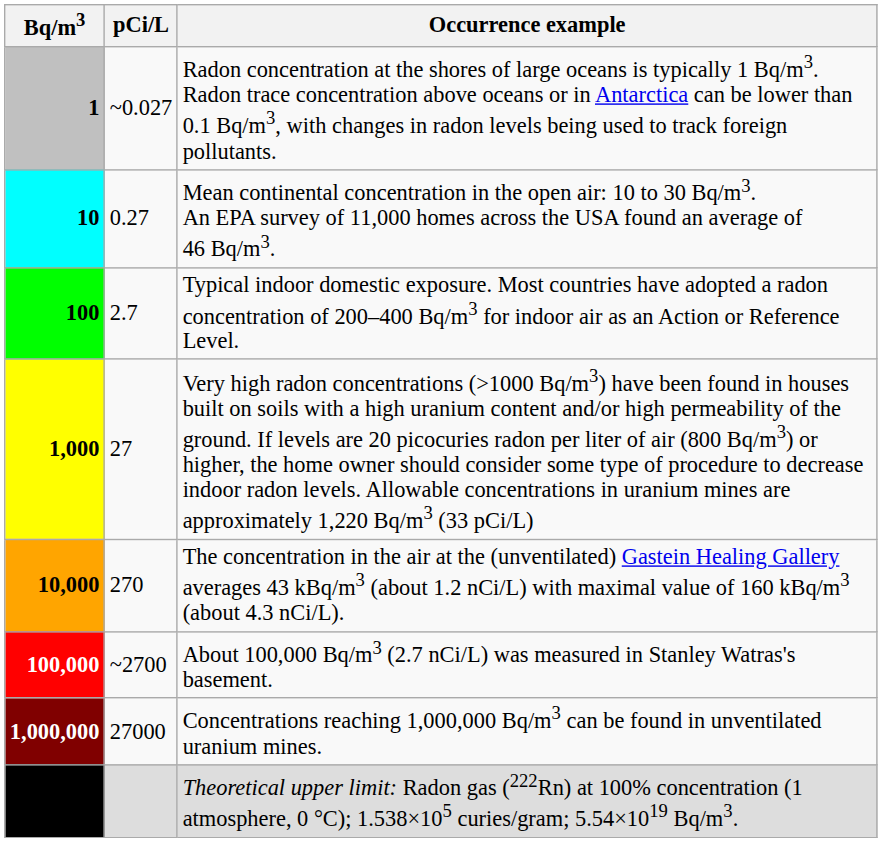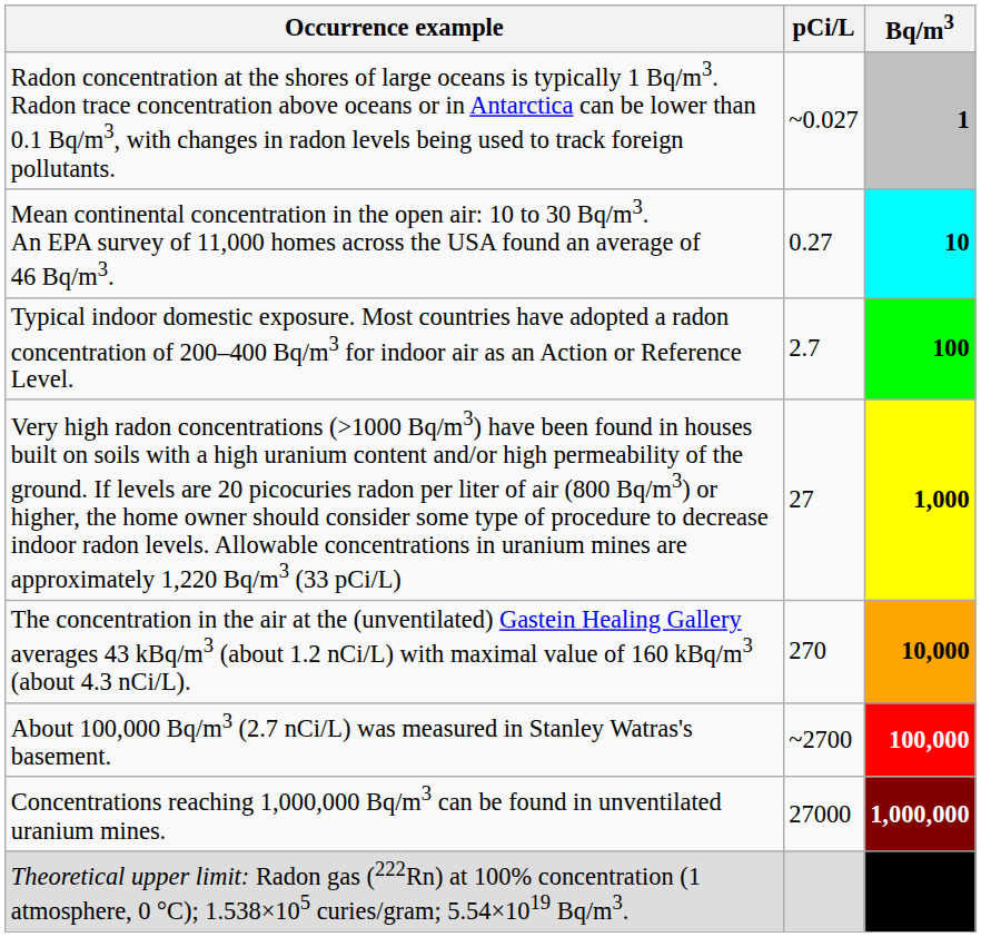 <table class="wikitable" style="margin:auto;">
 <tr>
+<th>Occurrence example</th>
+<th>pCi/L</th>
 <th>Bq/m<sup>3</sup></th>
-<th>pCi/L</th>
-<th>Occurrence example</th>
 </tr>
 <tr>
+<td>Radon concentration at the shores of large oceans is typically 1 Bq/m<sup>3</sup>.<br>Radon trace concentration above oceans or in <a href='#'>Antarctica</a> can be lower than 0.1 Bq/m<sup>3</sup>, with changes in radon levels being used to track foreign pollutants.</td>
+<td>~0.027</td>
 <td style="color: black; background:silver; text-align:right;"><strong>1</strong></td>
-<td>~0.027</td>
-<td>Radon concentration at the shores of large oceans is typically 1 Bq/m<sup>3</sup>.<br>Radon trace concentration above oceans or in <a href='#'>Antarctica</a> can be lower than 0.1 Bq/m<sup>3</sup>, with changes in radon levels being used to track foreign pollutants.</td>
 </tr>
 <tr>
+<td>Mean continental concentration in the open air: 10 to 30 Bq/m<sup>3</sup>.<br>An EPA survey of 11,000 homes across the USA found an average of 46 Bq/m<sup>3</sup>.</td>
+<td>0.27</td>
 <td style="color: black; background:aqua; text-align:right;"><strong>10</strong></td>
-<td>0.27</td>
-<td>Mean continental concentration in the open air: 10 to 30 Bq/m<sup>3</sup>.<br>An EPA survey of 11,000 homes across the USA found an average of 46 Bq/m<sup>3</sup>.</td>
 </tr>
 <tr>
+<td>Typical indoor domestic exposure. Most countries have adopted a radon concentration of 200–400 Bq/m<sup>3</sup> for indoor air as an Action or Reference Level.</td>
+<td>2.7</td>
 <td style="color: black; background:lime; text-align:right;"><strong>100</strong></td>
-<td>2.7</td>
-<td>Typical indoor domestic exposure. Most countries have adopted a radon concentration of 200–400 Bq/m<sup>3</sup> for indoor air as an Action or Reference Level.</td>
 </tr>
 <tr>
+<td>Very high radon concentrations (>1000 Bq/m<sup>3</sup>) have been found in houses built on soils with a high uranium content and/or high permeability of the ground. If levels are 20 picocuries radon per liter of air (800 Bq/m<sup>3</sup>) or higher, the home owner should consider some type of procedure to decrease indoor radon levels. Allowable concentrations in uranium mines are approximately 1,220 Bq/m<sup>3</sup> (33 pCi/L)</td>
+<td>27</td>
 <td style="color: black; background:yellow; text-align:right;"><strong>1,000</strong></td>
-<td>27</td>
-<td>Very high radon concentrations (>1000 Bq/m<sup>3</sup>) have been found in houses built on soils with a high uranium content and/or high permeability of the ground. If levels are 20 picocuries radon per liter of air (800 Bq/m<sup>3</sup>) or higher, the home owner should consider some type of procedure to decrease indoor radon levels. Allowable concentrations in uranium mines are approximately 1,220 Bq/m<sup>3</sup> (33 pCi/L)</td>
 </tr>
 <tr>
+<td>The concentration in the air at the (unventilated) <a href='#'>Gastein Healing Gallery</a> averages 43 kBq/m<sup>3</sup> (about 1.2 nCi/L) with maximal value of 160 kBq/m<sup>3</sup> (about 4.3 nCi/L).</td>
+<td>270</td>
 <td style="color: black; background:orange; text-align:right;"><strong>10,000</strong></td>
-<td>270</td>
-<td>The concentration in the air at the (unventilated) <a href='#'>Gastein Healing Gallery</a> averages 43 kBq/m<sup>3</sup> (about 1.2 nCi/L) with maximal value of 160 kBq/m<sup>3</sup> (about 4.3 nCi/L).</td>
 </tr>
 <tr>
+<td>About 100,000 Bq/m<sup>3</sup> (2.7 nCi/L) was measured in Stanley Watras's basement.</td>
+<td>~2700</td>
 <td style="color: white; background:red; text-align:right;"><strong>100,000</strong></td>
-<td>~2700</td>
-<td>About 100,000 Bq/m<sup>3</sup> (2.7 nCi/L) was measured in Stanley Watras's basement.</td>
 </tr>
 <tr>
+<td>Concentrations reaching 1,000,000 Bq/m<sup>3</sup> can be found in unventilated uranium mines.</td>
+<td>27000</td>
 <td style="background:maroon; color:white; text-align:right;"><strong>1,000,000</strong></td>
-<td>27000</td>
-<td>Concentrations reaching 1,000,000 Bq/m<sup>3</sup> can be found in unventilated uranium mines.</td>
 </tr>
 <tr>
+<td style="background:#ddd;"><em>Theoretical upper limit:</em> Radon gas (<sup>222</sup>Rn) at 100% concentration (1 atmosphere, 0 °C); 1.538×10<sup>5</sup> curies/gram; 5.54×10<sup>19</sup> Bq/m<sup>3</sup>.</td>
+<td style="background:#ddd;"></td>
 <td style="background:black; color:white; text-align:right;"><strong></strong></td>
-<td style="background:#ddd;"></td>
-<td style="background:#ddd;"><em>Theoretical upper limit:</em> Radon gas (<sup>222</sup>Rn) at 100% concentration (1 atmosphere, 0 °C); 1.538×10<sup>5</sup> curies/gram; 5.54×10<sup>19</sup> Bq/m<sup>3</sup>.</td>
 </tr>
 </table>
